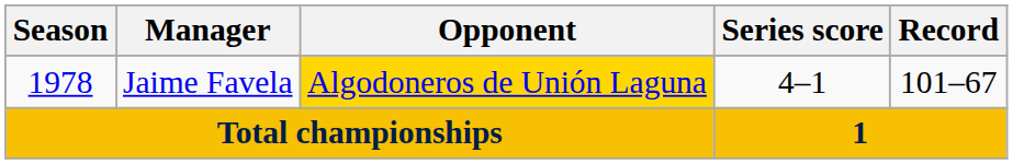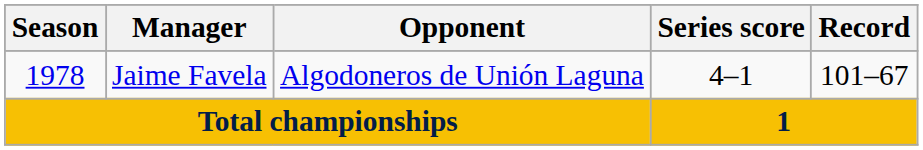 <table class="wikitable plainrowheaders sortable" style="text-align:center;">
 <tr>
 <th scope="col">Season</th>
 <th scope="col">Manager</th>
 <th scope="col">Opponent</th>
 <th scope="col">Series score</th>
 <th scope="col">Record</th>
 </tr>
 <tr>
 <td><a href='#'>1978</a></td>
 <td><a href='#'>Jaime Favela</a></td>
-<td style="background: gold;"><a href='#'>Algodoneros de Unión Laguna</a></td>
+<td><a href='#'>Algodoneros de Unión Laguna</a></td>
 <td>4–1</td>
 <td>101–67</td>
 </tr>
 <tr style="text-align:center; background-color:#F7C003; color:#021D49;">
 <td colspan="3"><strong>Total championships</strong></td>
 <td colspan="2"><strong>1</strong></td>
 </tr>
 </table>
